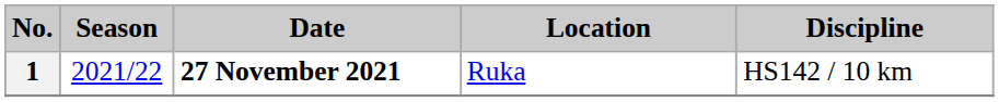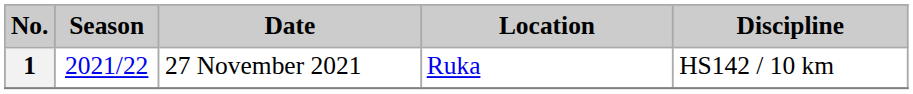 <table class="wikitable sortable plainrowheaders" cellpadding="3" cellspacing="0" border="1" style="background:#fff; font-size:86%; border:gray solid 1px; border-collapse:collapse;">
 <tr style="background:#ccc; text-align:center;">
 <th scope="col" style="background:#ccc; width:15px;">No.</th>
 <th scope="col" style="background:#ccc; width:50px;">Season</th>
 <th scope="col" style="background:#ccc; width:135px;">Date</th>
 <th scope="col" style="background:#ccc; width:130px;">Location</th>
 <th scope="col" style="background:#ccc; width:120px;">Discipline</th>
 </tr>
 <tr>
 <th scope=row>1</th>
 <td rowspan=1 align=center><a href='#'>2021/22</a></td>
-<td><strong>27 November 2021</strong></td>
+<td>27 November 2021</td>
 <td> <a href='#'>Ruka</a></td>
 <td>HS142 / 10 km</td>
 </tr>
 <tr>
 </tr>
 </table>
